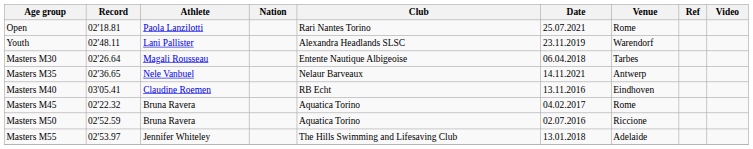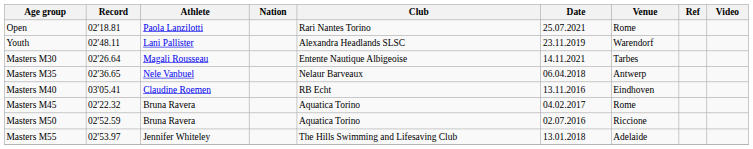 <table class="wikitable" style="font-size:95%; width: 95%;">
 <tr>
 <th>Age group</th>
 <th>Record</th>
 <th>Athlete</th>
 <th>Nation</th>
 <th>Club</th>
 <th>Date</th>
 <th>Venue</th>
 <th>Ref</th>
 <th>Video</th>
 </tr>
 <tr>
 <td>Open</td>
 <td>02'18.81</td>
 <td><a href='#'>Paola Lanzilotti</a></td>
 <td></td>
 <td>Rari Nantes Torino</td>
 <td>25.07.2021</td>
 <td>Rome</td>
 <td></td>
 <td></td>
 </tr>
 <tr>
 <td>Youth</td>
 <td>02'48.11</td>
 <td><a href='#'>Lani Pallister</a></td>
 <td></td>
 <td>Alexandra Headlands SLSC</td>
 <td>23.11.2019</td>
 <td>Warendorf</td>
 <td></td>
 <td></td>
 </tr>
 <tr>
 <td>Masters M30</td>
 <td>02'26.64</td>
 <td><a href='#'>Magali Rousseau</a></td>
 <td></td>
 <td>Entente Nautique Albigeoise</td>
-<td>06.04.2018</td>
+<td>14.11.2021</td>
 <td>Tarbes</td>
 <td></td>
 <td></td>
 </tr>
 <tr>
 <td>Masters M35</td>
 <td>02'36.65</td>
 <td><a href='#'>Nele Vanbuel</a></td>
 <td></td>
 <td>Nelaur Barveaux</td>
-<td>14.11.2021</td>
+<td>06.04.2018</td>
 <td>Antwerp</td>
 <td></td>
 <td></td>
 </tr>
 <tr>
 <td>Masters M40</td>
 <td>03'05.41</td>
 <td><a href='#'>Claudine Roemen</a></td>
 <td></td>
 <td>RB Echt</td>
 <td>13.11.2016</td>
 <td>Eindhoven</td>
 <td></td>
 <td></td>
 </tr>
 <tr>
 <td>Masters M45</td>
 <td>02'22.32</td>
 <td>Bruna Ravera</td>
 <td></td>
 <td>Aquatica Torino</td>
 <td>04.02.2017</td>
 <td>Rome</td>
 <td></td>
 <td></td>
 </tr>
 <tr>
 <td>Masters M50</td>
 <td>02'52.59</td>
 <td>Bruna Ravera</td>
 <td></td>
 <td>Aquatica Torino</td>
 <td>02.07.2016</td>
 <td>Riccione</td>
 <td></td>
 <td></td>
 </tr>
 <tr>
 <td>Masters M55</td>
 <td>02'53.97</td>
 <td>Jennifer Whiteley</td>
 <td></td>
 <td>The Hills Swimming and Lifesaving Club</td>
 <td>13.01.2018</td>
 <td>Adelaide</td>
 <td></td>
 <td></td>
 </tr>
 <tr>
 </tr>
 <tr style="background:#f0f0f0;">
 </tr>
 </table>
